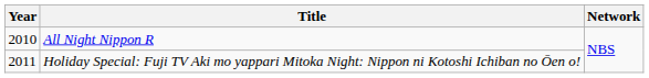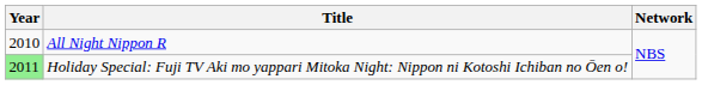 <table class="wikitable">
 <tr>
 <th>Year</th>
 <th>Title</th>
 <th>Network</th>
 </tr>
 <tr>
 <td>2010</td>
 <td><em><a href='#'>All Night Nippon R</a></em></td>
 <td rowspan="2"><a href='#'>NBS</a></td>
 </tr>
 <tr>
-<td>2011</td>
+<td style="background: lightgreen;">2011</td>
 <td><em>Holiday Special: Fuji TV Aki mo yappari Mitoka Night: Nippon ni Kotoshi Ichiban no Ōen o!</em></td>
 </tr>
 </table>
